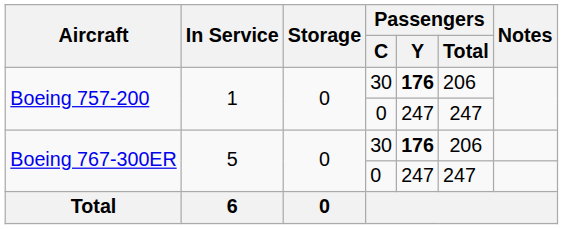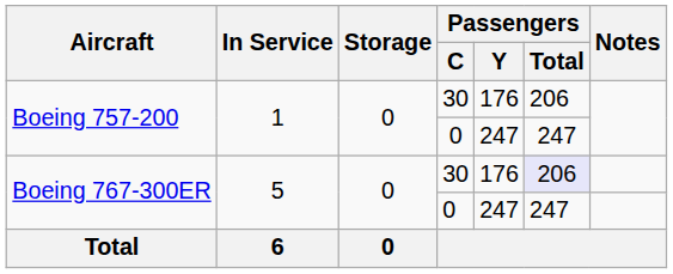 <table class="wikitable toccolours" border="1" cellpadding="3" style="border-collapse:collapse; margin:auto;">
 <tr>
 <th rowspan=2>Aircraft</th>
 <th rowspan=2>In Service</th>
 <th rowspan=2>Storage</th>
 <th colspan=3>Passengers</th>
 <th rowspan=2>Notes</th>
 </tr>
 <tr>
 <th><abbr>C</abbr></th>
 <th><abbr>Y</abbr></th>
 <th>Total</th>
 </tr>
 <tr>
 <td rowspan="2"><a href='#'>Boeing 757-200</a></td>
 <td rowspan="2" align="center">1</td>
 <td rowspan="2" align="center">0</td>
 <td>30</td>
-<td><strong>176</strong></td>
+<td>176</td>
 <td>206</td>
 <td rowspan="2"></td>
 </tr>
 <tr>
 <td align="center">0</td>
 <td align="center">247</td>
 <td align="center">247</td>
 </tr>
 <tr>
 <td rowspan="2"><a href='#'>Boeing 767-300ER</a></td>
 <td rowspan="2" align="center">5</td>
 <td rowspan="2" align="center">0</td>
 <td align="center">30</td>
-<td align="center"><strong>176</strong></td>
-<td align="center">206</td>
+<td align="center">176</td>
+<td align="center" style="background: lavender;">206</td>
 <td></td>
 </tr>
 <tr>
 <td>0</td>
 <td>247</td>
 <td>247</td>
 <td></td>
 </tr>
 <tr>
 <th>Total</th>
 <th>6</th>
 <th>0</th>
 <th colspan=4></th>
 </tr>
 </table>
